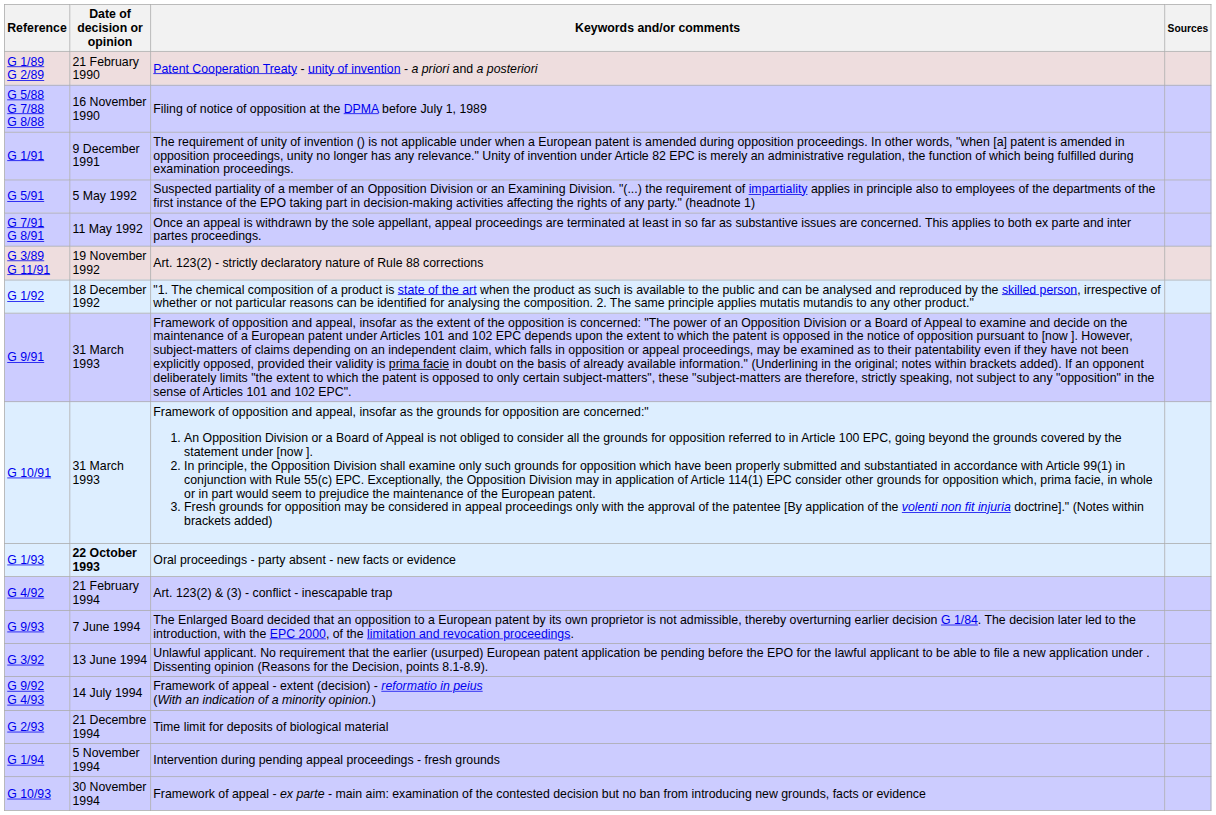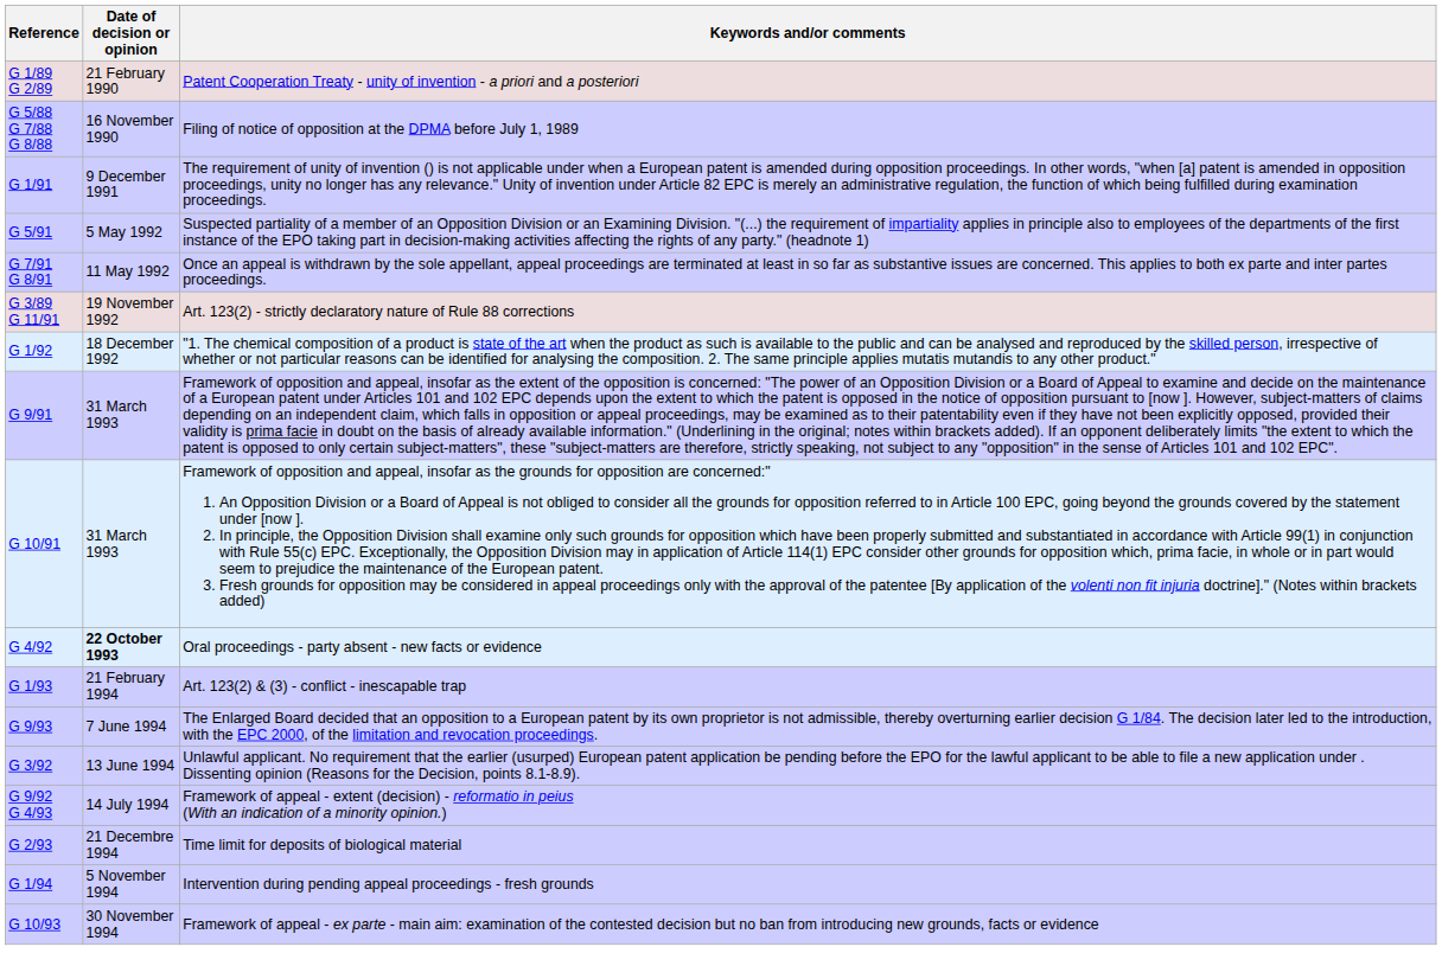 <table class="wikitable">
 <tr>
 <th>Reference</th>
 <th>Date of decision or opinion</th>
 <th>Keywords and/or comments</th>
-<th><small>Sources</small></th>
 </tr>
 <tr bgcolor="#eeddde">
 <td><a href='#'>G 1/89</a> <br> <a href='#'>G 2/89</a></td>
 <td>21 February 1990</td>
 <td><a href='#'>Patent Cooperation Treaty</a> - <a href='#'>unity of invention</a> - <em>a priori</em> and <em>a posteriori</em></td>
-<td><br></td>
 </tr>
 <tr bgcolor="#ccccff">
 <td><a href='#'>G 5/88</a> <br> <a href='#'>G 7/88</a> <br> <a href='#'>G 8/88</a></td>
 <td>16 November 1990</td>
 <td>Filing of notice of opposition at the <a href='#'>DPMA</a> before July 1, 1989</td>
-<td><br><br></td>
 </tr>
 <tr bgcolor="#ccccff">
 <td><a href='#'>G 1/91</a></td>
 <td>9 December 1991</td>
 <td>The requirement of unity of invention () is not applicable under  when a European patent is amended during opposition proceedings. In other words, "when [a] patent is amended in opposition proceedings, unity no longer has any relevance." Unity of invention under Article 82 EPC is merely an administrative regulation, the function of which being fulfilled during examination proceedings.</td>
-<td></td>
 </tr>
 <tr bgcolor="#ccccff">
 <td><a href='#'>G 5/91</a></td>
 <td>5 May 1992</td>
 <td>Suspected partiality of a member of an Opposition Division or an Examining Division. "(...) the requirement of <a href='#'>impartiality</a> applies in principle also to employees of the departments of the first instance of the EPO taking part in decision-making activities affecting the rights of any party." (headnote 1)</td>
-<td></td>
 </tr>
 <tr bgcolor="#ccccff">
 <td><a href='#'>G 7/91</a> <br> <a href='#'>G 8/91</a></td>
 <td>11 May 1992</td>
 <td>Once an appeal is withdrawn by the sole appellant, appeal proceedings are terminated at least in so far as substantive issues are concerned. This applies to both ex parte and inter partes proceedings.</td>
-<td><br></td>
 </tr>
 <tr bgcolor="#eeddde">
 <td><a href='#'>G 3/89</a> <br> <a href='#'>G 11/91</a></td>
 <td>19 November 1992</td>
 <td>Art. 123(2) - strictly declaratory nature of Rule 88 corrections</td>
-<td><br></td>
 </tr>
 <tr bgcolor="#ddeeff">
 <td><a href='#'>G 1/92</a></td>
 <td>18 December 1992</td>
 <td>"1. The chemical composition of a product is <a href='#'>state of the art</a> when the product as such is available to the public and can be analysed and reproduced by the <a href='#'>skilled person</a>, irrespective of whether or not particular reasons can be identified for analysing the composition. 2. The same principle applies mutatis mutandis to any other product."</td>
-<td></td>
 </tr>
 <tr bgcolor="#ccccff">
 <td><a href='#'>G 9/91</a></td>
 <td>31 March 1993</td>
 <td>Framework of opposition and appeal, insofar as the extent of the opposition is concerned: "The power of an Opposition Division or a Board of Appeal to examine and decide on the maintenance of a European patent under Articles 101 and 102 EPC depends upon the extent to which the patent is opposed in the notice of opposition pursuant to  [now ]. However, subject-matters of claims depending on an independent claim, which falls in opposition or appeal proceedings, may be examined as to their patentability even if they have not been explicitly opposed, provided their validity is <u>prima facie</u> in doubt on the basis of already available information." (Underlining in the original; notes within brackets added). If an opponent deliberately limits "the extent to which the patent is opposed to only certain subject-matters", these "subject-matters are therefore, strictly speaking, not subject to any "opposition" in the sense of Articles 101 and 102 EPC".</td>
-<td> </td>
 </tr>
 <tr bgcolor="#ddeeff">
 <td><a href='#'>G 10/91</a></td>
 <td>31 March 1993</td>
 <td>Framework of opposition and appeal, insofar as the grounds for opposition are concerned:"<br><ol><li>An Opposition Division or a Board of Appeal is not obliged to consider all the grounds for opposition referred to in Article 100 EPC, going beyond the grounds covered by the statement under  [now ].</li><li>In principle, the Opposition Division shall examine only such grounds for opposition which have been properly submitted and substantiated in accordance with Article 99(1) in conjunction with Rule 55(c) EPC. Exceptionally, the Opposition Division may in application of Article 114(1) EPC consider other grounds for opposition which, prima facie, in whole or in part would seem to prejudice the maintenance of the European patent.</li><li>Fresh grounds for opposition may be considered in appeal proceedings only with the approval of the patentee [By application of the <em><a href='#'>volenti non fit injuria</a></em> doctrine]." (Notes within brackets added)</li></ol></td>
-<td></td>
 </tr>
 <tr bgcolor="#ddeeff">
-<td><a href='#'>G 1/93</a></td>
+<td><a href='#'>G 4/92</a></td>
 <td><strong>22 October 1993</strong></td>
 <td>Oral proceedings - party absent - new facts or evidence</td>
-<td></td>
 </tr>
 <tr bgcolor="#ccccff">
-<td><a href='#'>G 4/92</a></td>
+<td><a href='#'>G 1/93</a></td>
 <td>21 February 1994</td>
 <td>Art. 123(2) & (3) - conflict - inescapable trap</td>
-<td></td>
 </tr>
 <tr bgcolor="#ccccff">
 <td><a href='#'>G 9/93</a></td>
 <td>7 June 1994</td>
 <td>The Enlarged Board decided that an opposition to a European patent by its own proprietor is not admissible, thereby overturning earlier decision <a href='#'>G 1/84</a>. The decision later led to the introduction, with the <a href='#'>EPC 2000</a>, of the <a href='#'>limitation and revocation proceedings</a>.</td>
-<td></td>
 </tr>
 <tr bgcolor="#ccccff">
 <td><a href='#'>G 3/92</a></td>
 <td>13 June 1994</td>
 <td>Unlawful applicant. No requirement that the earlier (usurped) European patent application be pending before the EPO for the lawful applicant to be able to file a new application under . Dissenting opinion (Reasons for the Decision, points 8.1-8.9).</td>
-<td><br></td>
 </tr>
 <tr bgcolor="#ccccff">
 <td><a href='#'>G 9/92</a> <br> <a href='#'>G 4/93</a></td>
 <td>14 July 1994</td>
 <td>Framework of appeal - extent (decision) - <em><a href='#'>reformatio in peius</a></em> <br> (<em>With an indication of a minority opinion.</em>)</td>
-<td><br></td>
 </tr>
 <tr bgcolor="#ccccff">
 <td><a href='#'>G 2/93</a></td>
 <td>21 Decembre 1994</td>
 <td>Time limit for deposits of biological material</td>
-<td></td>
 </tr>
 <tr bgcolor="#ccccff">
 <td><a href='#'>G 1/94</a></td>
 <td>5 November 1994</td>
 <td>Intervention during pending appeal proceedings - fresh grounds</td>
-<td></td>
 </tr>
 <tr bgcolor="#ccccff">
 <td><a href='#'>G 10/93</a></td>
 <td>30 November 1994</td>
 <td>Framework of appeal - <em>ex parte</em> - main aim: examination of the contested decision but no ban from introducing new grounds, facts or evidence</td>
-<td></td>
 </tr>
 </table>
